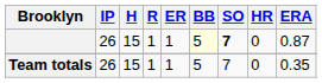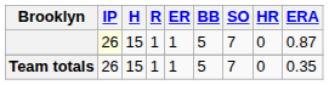 <table class="wikitable sortable plainrowheaders" border="2">
 <tr>
 <th scope="col">Brooklyn</th>
 <th scope="col"><a href='#'>IP</a></th>
 <th scope="col"><a href='#'>H</a></th>
 <th scope="col"><a href='#'>R</a></th>
 <th scope="col"><a href='#'>ER</a></th>
 <th scope="col"><a href='#'>BB</a></th>
 <th scope="col"><a href='#'>SO</a></th>
 <th scope="col"><a href='#'>HR</a></th>
 <th scope="col"><a href='#'>ERA</a></th>
 </tr>
 <tr>
 <th scope="row"></th>
-<td>26</td>
+<td style="background: lightyellow;">26</td>
 <td>15</td>
 <td>1</td>
 <td>1</td>
-<td style="background: lightyellow;">5</td>
-<td><strong>7</strong></td>
+<td>5</td>
+<td>7</td>
 <td>0</td>
 <td>0.87</td>
 </tr>
 <tr>
 </tr>
 <tr class="sortbottom">
 <th scope="row"><strong>Team totals</strong></th>
 <td>26</td>
 <td>15</td>
 <td>1</td>
 <td>1</td>
 <td>5</td>
 <td>7</td>
 <td>0</td>
 <td>0.35</td>
 </tr>
 </table>
